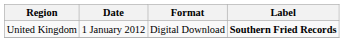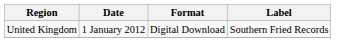 <table class=wikitable>
 <tr>
 <th>Region</th>
 <th>Date</th>
 <th>Format</th>
 <th>Label</th>
 </tr>
 <tr>
 <td>United Kingdom</td>
 <td>1 January 2012</td>
 <td>Digital Download</td>
-<td><strong>Southern Fried Records</strong></td>
+<td>Southern Fried Records</td>
 </tr>
 <tr>
 </tr>
 </table>
